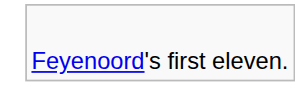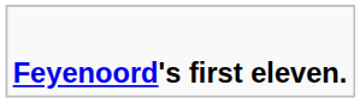 <table style="float: right; border: 1px solid #BBBBBB; background: #f9f9f9;">
 <tr>
 <td><div><br>                      </div></td>
 </tr>
 <tr style="font-size: 86%;">
-<td><a href='#'>Feyenoord</a>'s first eleven.</td>
+<td><strong><a href='#'>Feyenoord</a>'s first eleven.</strong></td>
 </tr>
 </table>
